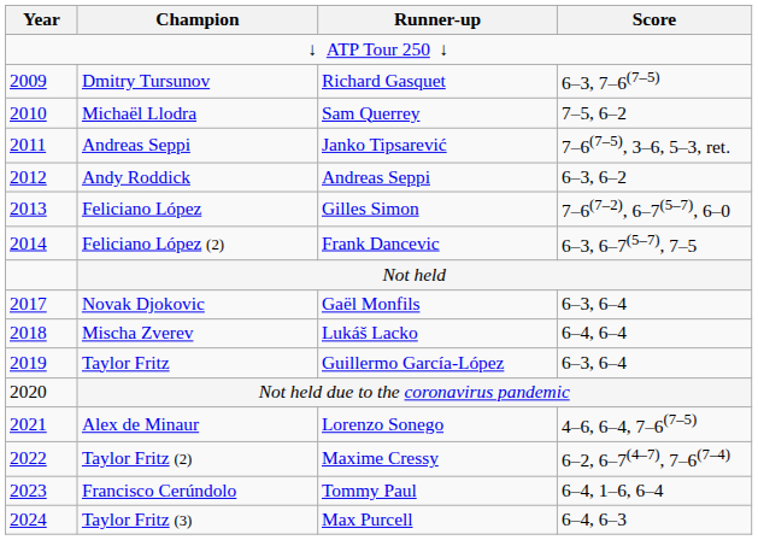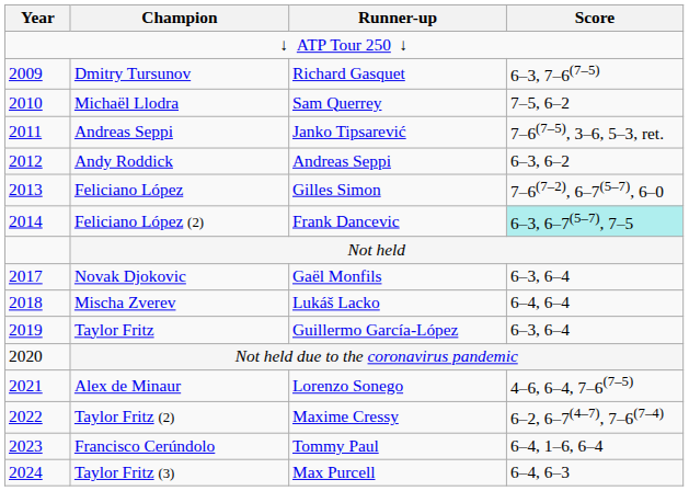 <table class="wikitable">
 <tr>
 <th style="width:55px">Year</th>
 <th style="width:200px">Champion</th>
 <th style="width:200px">Runner-up</th>
 <th style="width:160px">Score</th>
 </tr>
 <tr>
 <td colspan=4 align=center>↓  <a href='#'>ATP Tour 250</a>  ↓</td>
 </tr>
 <tr>
 <td><a href='#'>2009</a></td>
 <td> <a href='#'>Dmitry Tursunov</a></td>
 <td> <a href='#'>Richard Gasquet</a></td>
 <td>6–3, 7–6<sup>(7–5)</sup></td>
 </tr>
 <tr>
 <td><a href='#'>2010</a></td>
 <td> <a href='#'>Michaël Llodra</a></td>
 <td> <a href='#'>Sam Querrey</a></td>
 <td>7–5, 6–2</td>
 </tr>
 <tr>
 <td><a href='#'>2011</a></td>
 <td> <a href='#'>Andreas Seppi</a></td>
 <td> <a href='#'>Janko Tipsarević</a></td>
 <td>7–6<sup>(7–5)</sup>, 3–6, 5–3, ret.</td>
 </tr>
 <tr>
 <td><a href='#'>2012</a></td>
 <td> <a href='#'>Andy Roddick</a></td>
 <td> <a href='#'>Andreas Seppi</a></td>
 <td>6–3, 6–2</td>
 </tr>
 <tr>
 <td><a href='#'>2013</a></td>
 <td> <a href='#'>Feliciano López</a></td>
 <td> <a href='#'>Gilles Simon</a></td>
 <td>7–6<sup>(7–2)</sup>, 6–7<sup>(5–7)</sup>, 6–0</td>
 </tr>
 <tr>
 <td><a href='#'>2014</a></td>
 <td> <a href='#'>Feliciano López</a> <small>(2)</small></td>
 <td> <a href='#'>Frank Dancevic</a></td>
-<td>6–3, 6–7<sup>(5–7)</sup>, 7–5</td>
+<td style="background: paleturquoise;">6–3, 6–7<sup>(5–7)</sup>, 7–5</td>
 </tr>
 <tr>
 <td></td>
 <td colspan="3"  style="background:#f5f5f5; text-align:center;"><em>Not held</em></td>
 </tr>
 <tr>
 <td><a href='#'>2017</a></td>
 <td> <a href='#'>Novak Djokovic</a></td>
 <td> <a href='#'>Gaël Monfils</a></td>
 <td>6–3, 6–4</td>
 </tr>
 <tr>
 <td><a href='#'>2018</a></td>
 <td> <a href='#'>Mischa Zverev</a></td>
 <td> <a href='#'>Lukáš Lacko</a></td>
 <td>6–4, 6–4</td>
 </tr>
 <tr>
 <td><a href='#'>2019</a></td>
 <td> <a href='#'>Taylor Fritz</a></td>
 <td> <a href='#'>Guillermo García-López</a></td>
 <td>6–3, 6–4</td>
 </tr>
 <tr>
 <td>2020</td>
 <td colspan="3" style="background:#f5f5f5; text-align:center;"><em>Not held due to the <a href='#'>coronavirus pandemic</a></em></td>
 </tr>
 <tr>
 <td><a href='#'>2021</a></td>
 <td> <a href='#'>Alex de Minaur</a></td>
 <td> <a href='#'>Lorenzo Sonego</a></td>
 <td>4–6, 6–4, 7–6<sup>(7–5)</sup></td>
 </tr>
 <tr>
 <td><a href='#'>2022</a></td>
 <td> <a href='#'>Taylor Fritz</a> <small>(2)</small></td>
 <td> <a href='#'>Maxime Cressy</a></td>
 <td>6–2, 6–7<sup>(4–7)</sup>, 7–6<sup>(7–4)</sup></td>
 </tr>
 <tr>
 <td><a href='#'>2023</a></td>
 <td> <a href='#'>Francisco Cerúndolo</a></td>
 <td> <a href='#'>Tommy Paul</a></td>
 <td>6–4, 1–6, 6–4</td>
 </tr>
 <tr>
 <td><a href='#'>2024</a></td>
 <td> <a href='#'>Taylor Fritz</a> <small>(3)</small></td>
 <td> <a href='#'>Max Purcell</a></td>
 <td>6–4, 6–3</td>
 </tr>
 </table>
